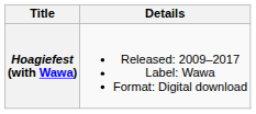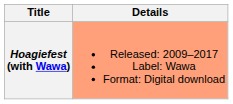 <table class="wikitable plainrowheaders" style="text-align:center;">
 <tr>
 <th scope="col">Title</th>
 <th scope="col">Details</th>
 </tr>
 <tr>
 <th scope="row"><em>Hoagiefest</em> <br>(with <a href='#'>Wawa</a>)</th>
-<td><br><ul><li>Released: 2009–2017</li><li>Label: Wawa</li><li>Format: Digital download</li></ul></td>
+<td style="background: lightsalmon;"><br><ul><li>Released: 2009–2017</li><li>Label: Wawa</li><li>Format: Digital download</li></ul></td>
 </tr>
 </table>
